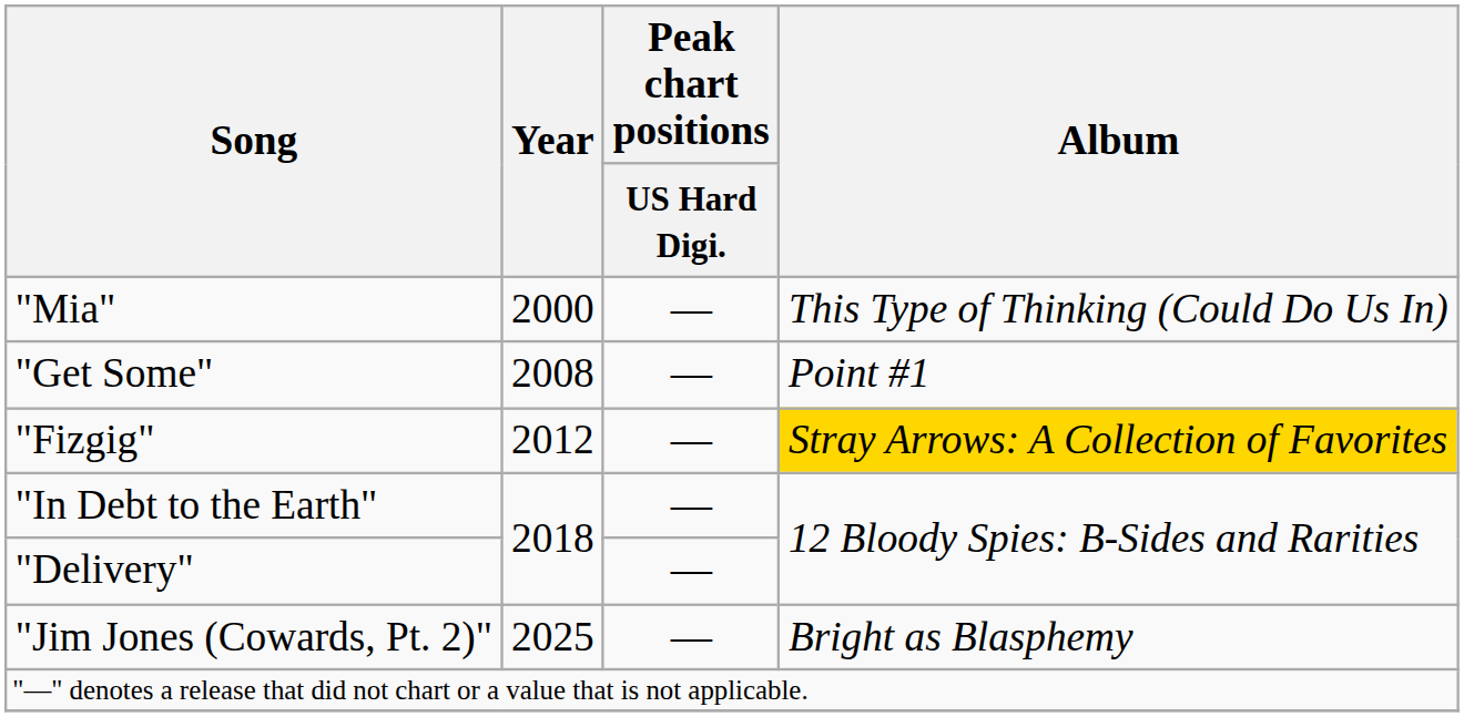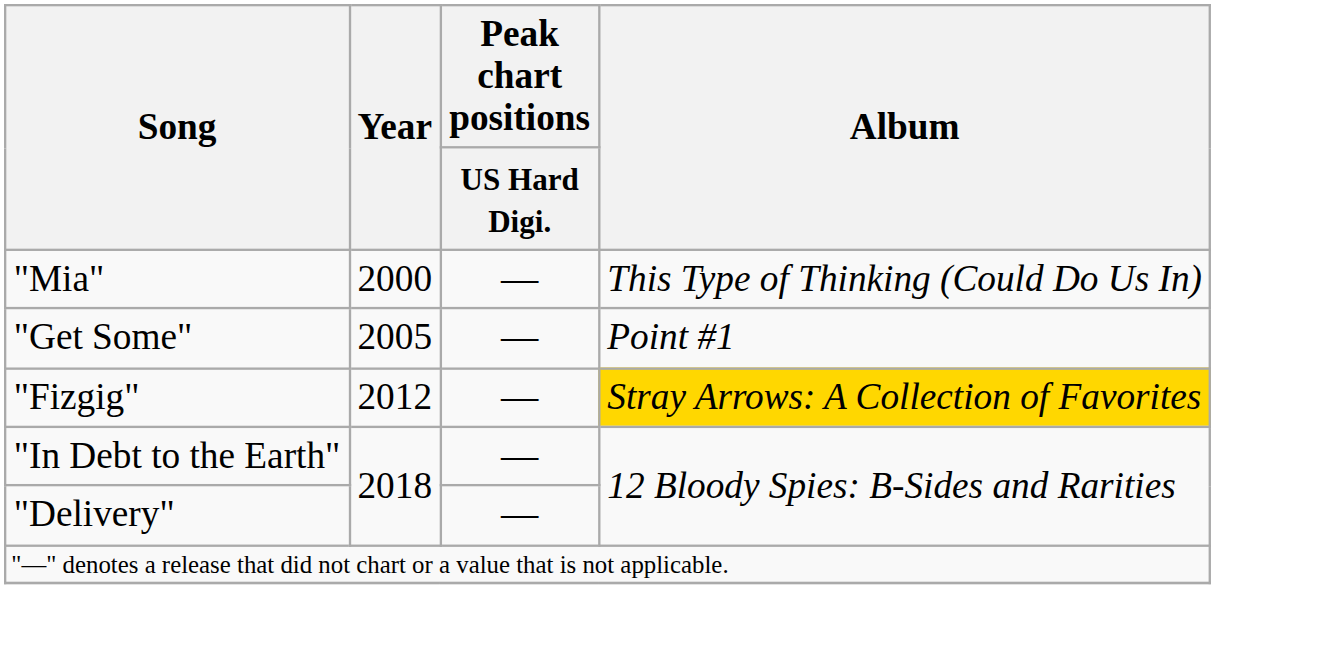 <table class=wikitable>
 <tr>
 <th scope="col" rowspan="2">Song</th>
 <th scope="col" rowspan="2">Year</th>
 <th scope="col">Peak chart positions</th>
 <th scope="col" rowspan="2">Album</th>
 </tr>
 <tr>
 <th width="30"><small>US Hard Digi.</small></th>
 </tr>
 <tr>
 <td>"Mia"</td>
 <td>2000</td>
 <td style="text-align:center;">—</td>
 <td><em>This Type of Thinking (Could Do Us In)</em></td>
 </tr>
 <tr>
 <td>"Get Some"</td>
-<td>2008</td>
+<td>2005</td>
 <td style="text-align:center;">—</td>
 <td><em>Point #1</em></td>
 </tr>
 <tr>
 <td>"Fizgig"</td>
 <td>2012</td>
 <td style="text-align:center;">—</td>
 <td style="background: gold;"><em>Stray Arrows: A Collection of Favorites</em></td>
 </tr>
 <tr>
 <td>"In Debt to the Earth"</td>
 <td rowspan="2">2018</td>
 <td style="text-align:center;">—</td>
 <td rowspan="2"><em>12 Bloody Spies: B-Sides and Rarities</em></td>
 </tr>
 <tr>
 <td>"Delivery"</td>
 <td style="text-align:center;">—</td>
 </tr>
 <tr>
-<td>"Jim Jones (Cowards, Pt. 2)"</td>
-<td>2025</td>
-<td style="text-align:center;">—</td>
-<td><em>Bright as Blasphemy</em></td>
-</tr>
-<tr>
 <td colspan="4" style="font-size: 8pt">"—" denotes a release that did not chart or a value that is not applicable.</td>
 </tr>
 <tr>
 </tr>
 </table>
